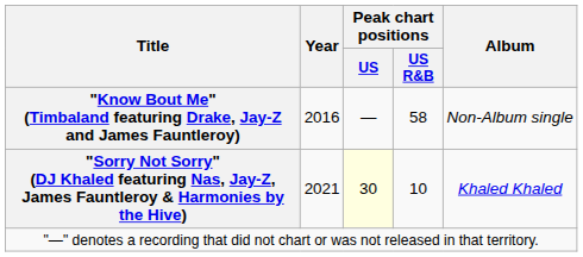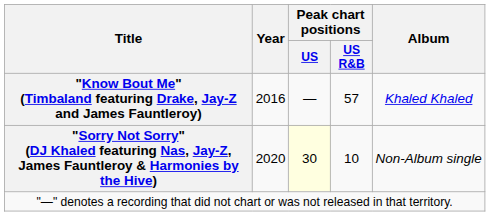 <table class="wikitable plainrowheaders" style="text-align:center;">
 <tr>
 <th scope="col" rowspan="2" style="width:18em;">Title</th>
 <th scope="col" rowspan="2">Year</th>
 <th scope="col" colspan="2">Peak chart positions</th>
 <th scope="col" rowspan="2">Album</th>
 </tr>
 <tr>
 <th style="width:3em;font-size:90%;"><a href='#'>US</a></th>
 <th style="width:3em;font-size:90%;"><a href='#'>US<br>R&B</a></th>
 </tr>
 <tr>
 <th scope="row">"<a href='#'>Know Bout Me</a>"<br><span>(<a href='#'>Timbaland</a> featuring <a href='#'>Drake</a>, <a href='#'>Jay-Z</a> and James Fauntleroy)</span></th>
 <td>2016</td>
 <td>—</td>
-<td>58</td>
-<td><em>Non-Album single</em></td>
+<td>57</td>
+<td><em><a href='#'>Khaled Khaled</a></em></td>
 </tr>
 <tr>
 <th scope="row">"<a href='#'>Sorry Not Sorry</a>"<br><span>(<a href='#'>DJ Khaled</a> featuring <a href='#'>Nas</a>, <a href='#'>Jay-Z</a>, James Fauntleroy & <a href='#'>Harmonies by the Hive</a>)</span></th>
-<td>2021</td>
+<td>2020</td>
 <td style="background: lightyellow;">30</td>
 <td>10</td>
-<td><em><a href='#'>Khaled Khaled</a></em></td>
+<td><em>Non-Album single</em></td>
 </tr>
 <tr>
 <td colspan="5" style="font-size:90%">"—" denotes a recording that did not chart or was not released in that territory.</td>
 </tr>
 </table>
